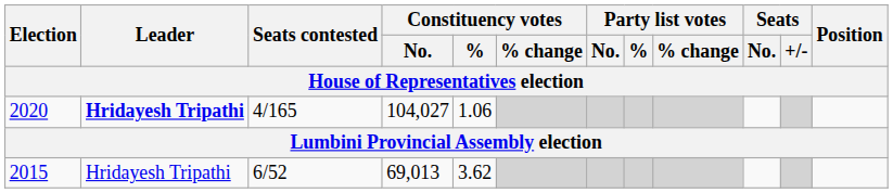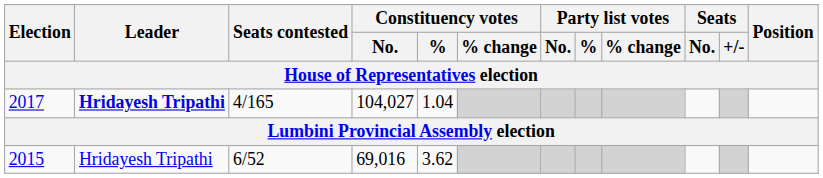 <table class="wikitable">
 <tr>
 <th rowspan="2" style="background-color:">Election</th>
 <th rowspan="2" style="background-color:">Leader</th>
 <th rowspan="2" style="background-color:">Seats contested</th>
 <th colspan="3" style="background-color:">Constituency votes</th>
 <th colspan="3" style="background-color:">Party list votes</th>
 <th colspan="2" style="background-color:">Seats</th>
 <th rowspan="2" style="background-color:">Position</th>
 </tr>
 <tr>
 <th style="background-color:">No.</th>
 <th style="background-color:">%</th>
 <th style="background-color:">% change</th>
 <th style="background-color:">No.</th>
 <th style="background-color:">%</th>
 <th style="background-color:">% change</th>
 <th style="background-color:">No.</th>
 <th style="background-color:">+/-</th>
 </tr>
 <tr>
 <th colspan="12"><a href='#'>House of Representatives</a> election</th>
 </tr>
 <tr>
-<td><a href='#'>2020</a></td>
+<td><a href='#'>2017</a></td>
 <td><strong><a href='#'>Hridayesh Tripathi</a></strong></td>
 <td>4/165</td>
 <td>104,027</td>
-<td>1.06</td>
+<td>1.04</td>
 <td bgcolor="lightgrey"></td>
 <td bgcolor="lightgrey"></td>
 <td bgcolor="lightgrey"></td>
 <td bgcolor="lightgrey"></td>
 <td style="text-align:center;"></td>
 <td bgcolor="lightgrey"></td>
 <td></td>
 </tr>
 <tr>
 <th colspan="12"><a href='#'>Lumbini Provincial Assembly</a> election</th>
 </tr>
 <tr>
 <td><a href='#'>2015</a></td>
 <td><a href='#'>Hridayesh Tripathi</a></td>
 <td>6/52</td>
-<td>69,013</td>
+<td>69,016</td>
 <td>3.62</td>
 <td bgcolor="lightgrey"></td>
 <td bgcolor="lightgrey"></td>
 <td bgcolor="lightgrey"></td>
 <td bgcolor="lightgrey"></td>
 <td style="text-align:center;"></td>
 <td bgcolor="lightgrey"></td>
 <td></td>
 </tr>
 </table>
